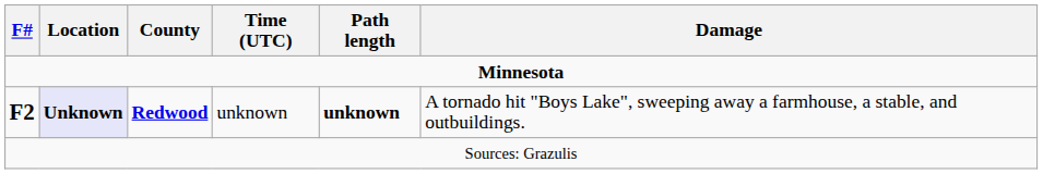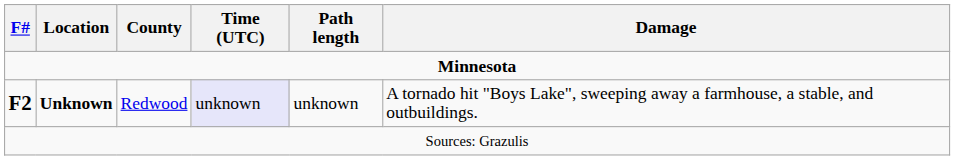 <table class="wikitable">
 <tr>
 <th><strong><a href='#'>F#</a></strong></th>
 <th><strong>Location</strong></th>
 <th><strong>County</strong></th>
 <th><strong>Time (UTC)</strong></th>
 <th><strong>Path length</strong></th>
 <th><strong>Damage</strong></th>
 </tr>
 <tr>
 <td colspan="7" align=center><strong>Minnesota</strong></td>
 </tr>
 <tr>
 <td><big><strong>F2</strong></big></td>
-<td style="background: lavender;"><strong>Unknown</strong></td>
-<td><strong><a href='#'>Redwood</a></strong></td>
+<td><strong>Unknown</strong></td>
+<td><a href='#'>Redwood</a></td>
+<td style="background: lavender;">unknown</td>
 <td>unknown</td>
-<td><strong>unknown</strong></td>
 <td>A tornado hit "Boys Lake", sweeping away a farmhouse, a stable, and outbuildings.</td>
 </tr>
 <tr>
 <td colspan="7" style="text-align:center;"><small>Sources: Grazulis</small></td>
 </tr>
 </table>
